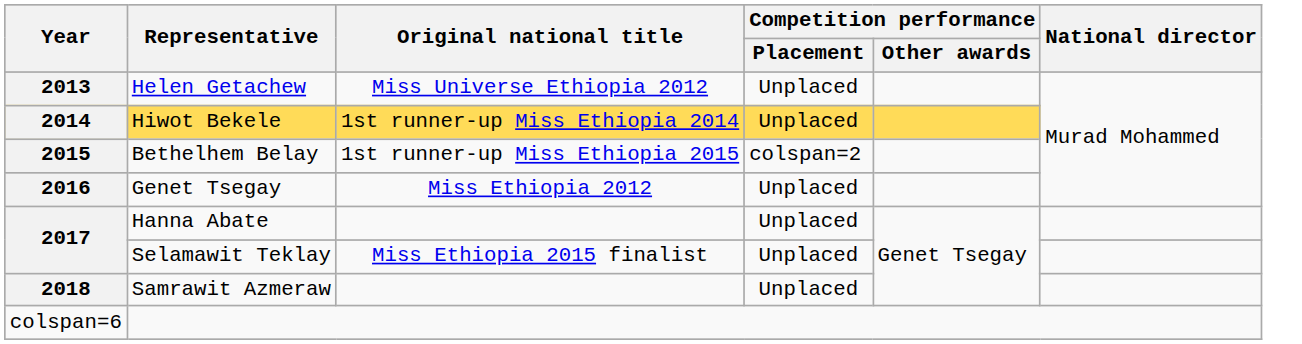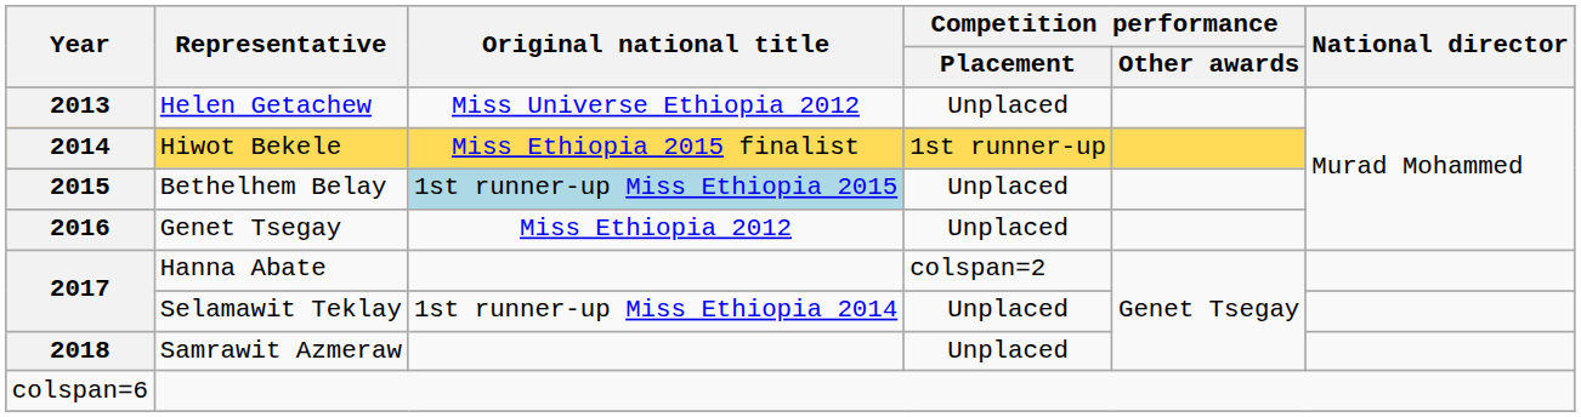 <table class="wikitable" style="font-size:95%;">
 <tr>
 <th rowspan=2>Year</th>
 <th rowspan=2>Representative</th>
 <th rowspan=2>Original national title</th>
 <th colspan=2>Competition performance</th>
 <th rowspan=2>National director</th>
 </tr>
 <tr>
 <th>Placement</th>
 <th>Other awards</th>
 </tr>
 <tr>
 <th>2013</th>
 <td><a href='#'>Helen Getachew</a></td>
 <td align=center><a href='#'>Miss Universe Ethiopia 2012</a></td>
 <td align=center>Unplaced</td>
 <td></td>
 <td rowspan=4>Murad Mohammed</td>
 </tr>
 <tr bgcolor=#FFDB58>
 <th>2014</th>
 <td>Hiwot Bekele</td>
-<td align=center>1st runner-up <a href='#'>Miss Ethiopia 2014</a></td>
-<td align=center>Unplaced</td>
+<td align=center><a href='#'>Miss Ethiopia 2015</a> finalist</td>
+<td align=center>1st runner-up</td>
 <td></td>
 </tr>
 <tr>
 <th>2015</th>
 <td>Bethelhem Belay</td>
-<td align=center>1st runner-up <a href='#'>Miss Ethiopia 2015</a></td>
-<td>colspan=2 </td>
+<td align=center style="background: lightblue;">1st runner-up <a href='#'>Miss Ethiopia 2015</a></td>
+<td align=center>Unplaced</td>
 <td></td>
 </tr>
 <tr>
 <th>2016</th>
 <td>Genet Tsegay</td>
 <td align=center><a href='#'>Miss Ethiopia 2012</a></td>
 <td align=center>Unplaced</td>
 <td></td>
 </tr>
 <tr>
 <th rowspan=2>2017</th>
 <td>Hanna Abate</td>
 <td></td>
-<td align=center>Unplaced</td>
+<td>colspan=2 </td>
 <td rowspan=3>Genet Tsegay</td>
 </tr>
 <tr>
 <td>Selamawit Teklay</td>
-<td align=center><a href='#'>Miss Ethiopia 2015</a> finalist</td>
+<td align=center>1st runner-up <a href='#'>Miss Ethiopia 2014</a></td>
 <td align=center>Unplaced</td>
 <td></td>
 </tr>
 <tr>
 <th>2018</th>
 <td>Samrawit Azmeraw</td>
 <td align=center></td>
 <td align=center>Unplaced</td>
 <td></td>
 </tr>
 <tr>
 <td>colspan=6 </td>
 </tr>
 </table>
